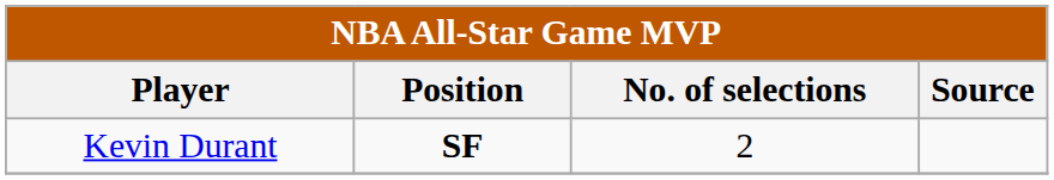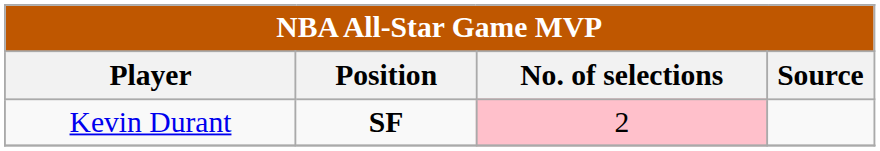 <table class="wikitable" style="text-align:center">
 <tr>
 <td colspan="5" style= "background: #BF5700; color:white"><strong>NBA All-Star Game MVP</strong></td>
 </tr>
 <tr>
 <th style="width:150px; ">Player</th>
 <th style="width:90px; ">Position</th>
 <th style="width:150px; ">No. of selections</th>
 <th style="width:50px; ">Source</th>
 </tr>
 <tr>
 <td><a href='#'>Kevin Durant</a></td>
 <td><strong>SF</strong></td>
-<td>2</td>
+<td style="background: pink;">2</td>
 <td></td>
 </tr>
 <tr>
 </tr>
 </table>
